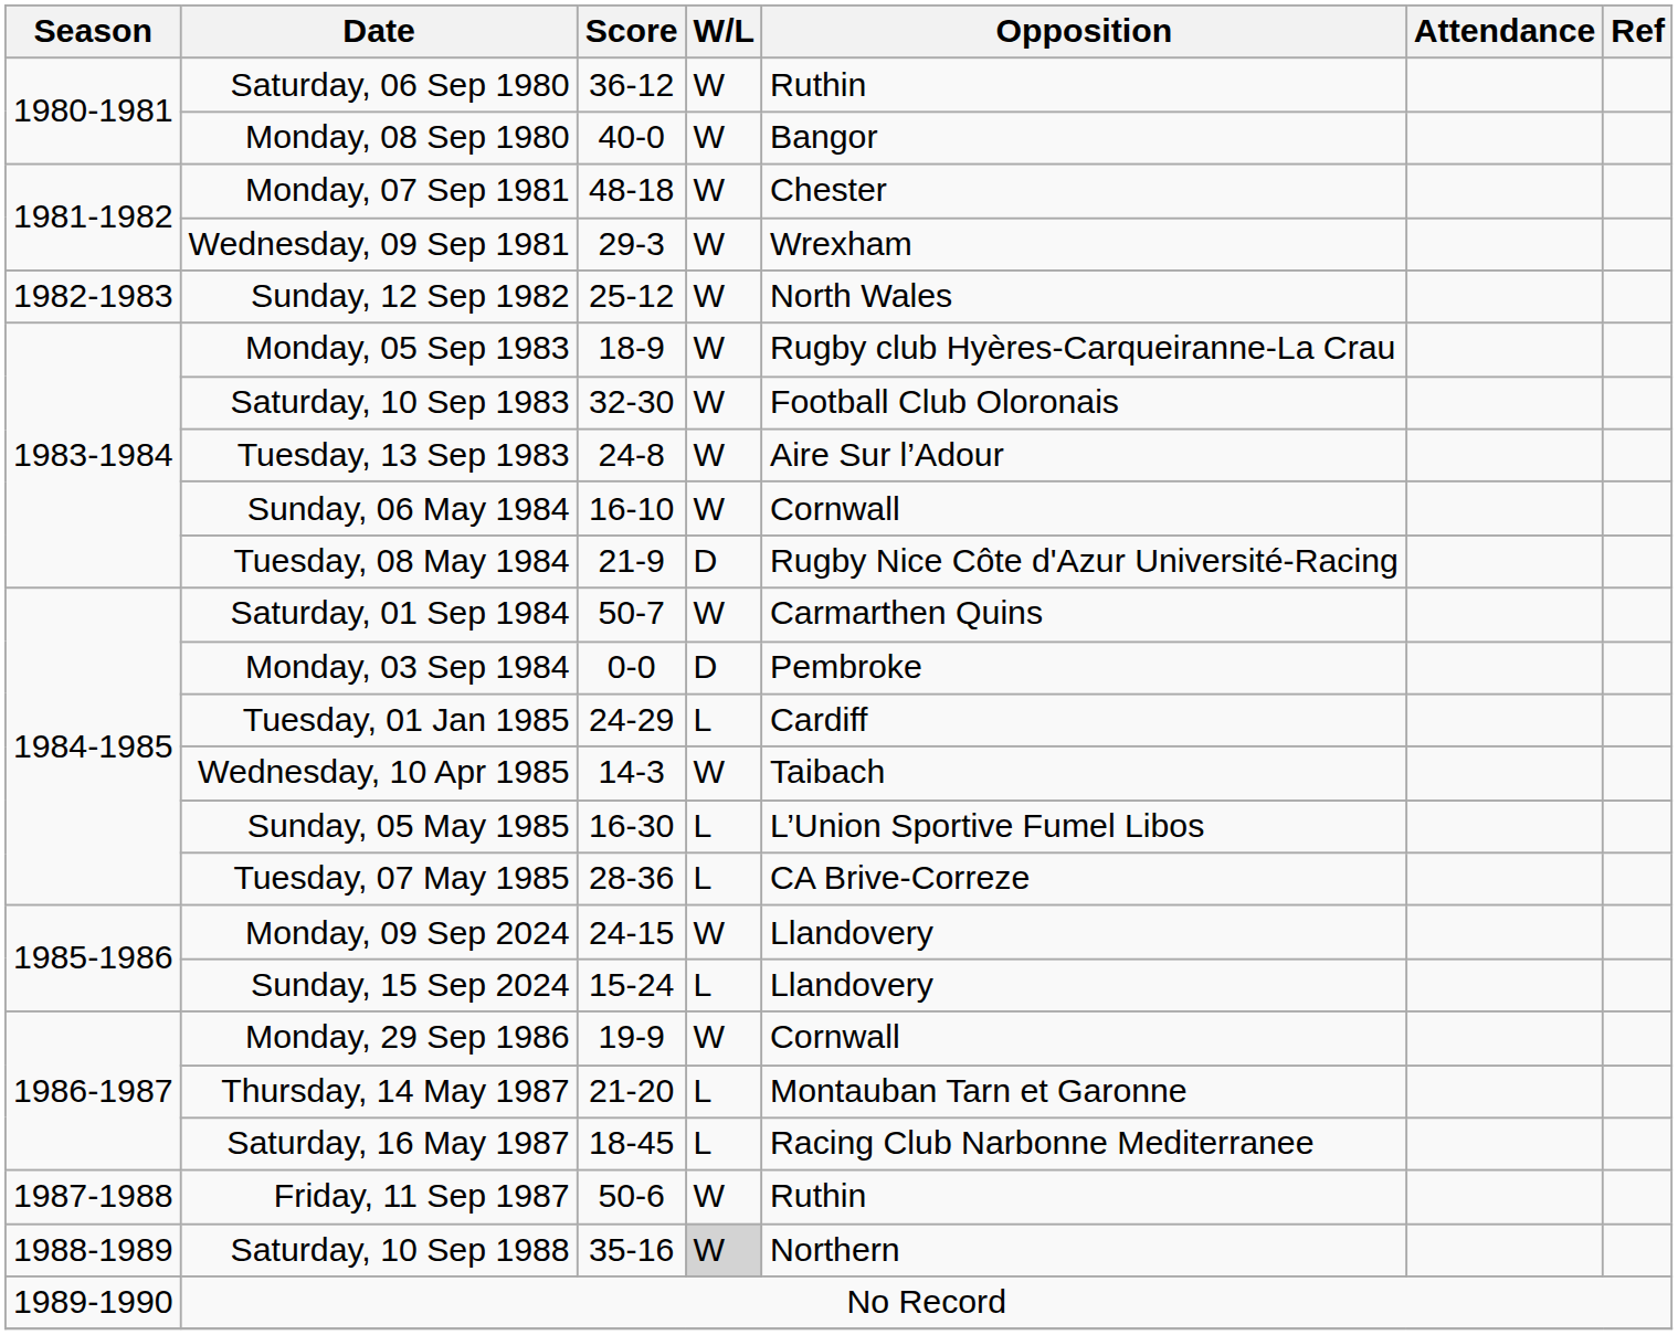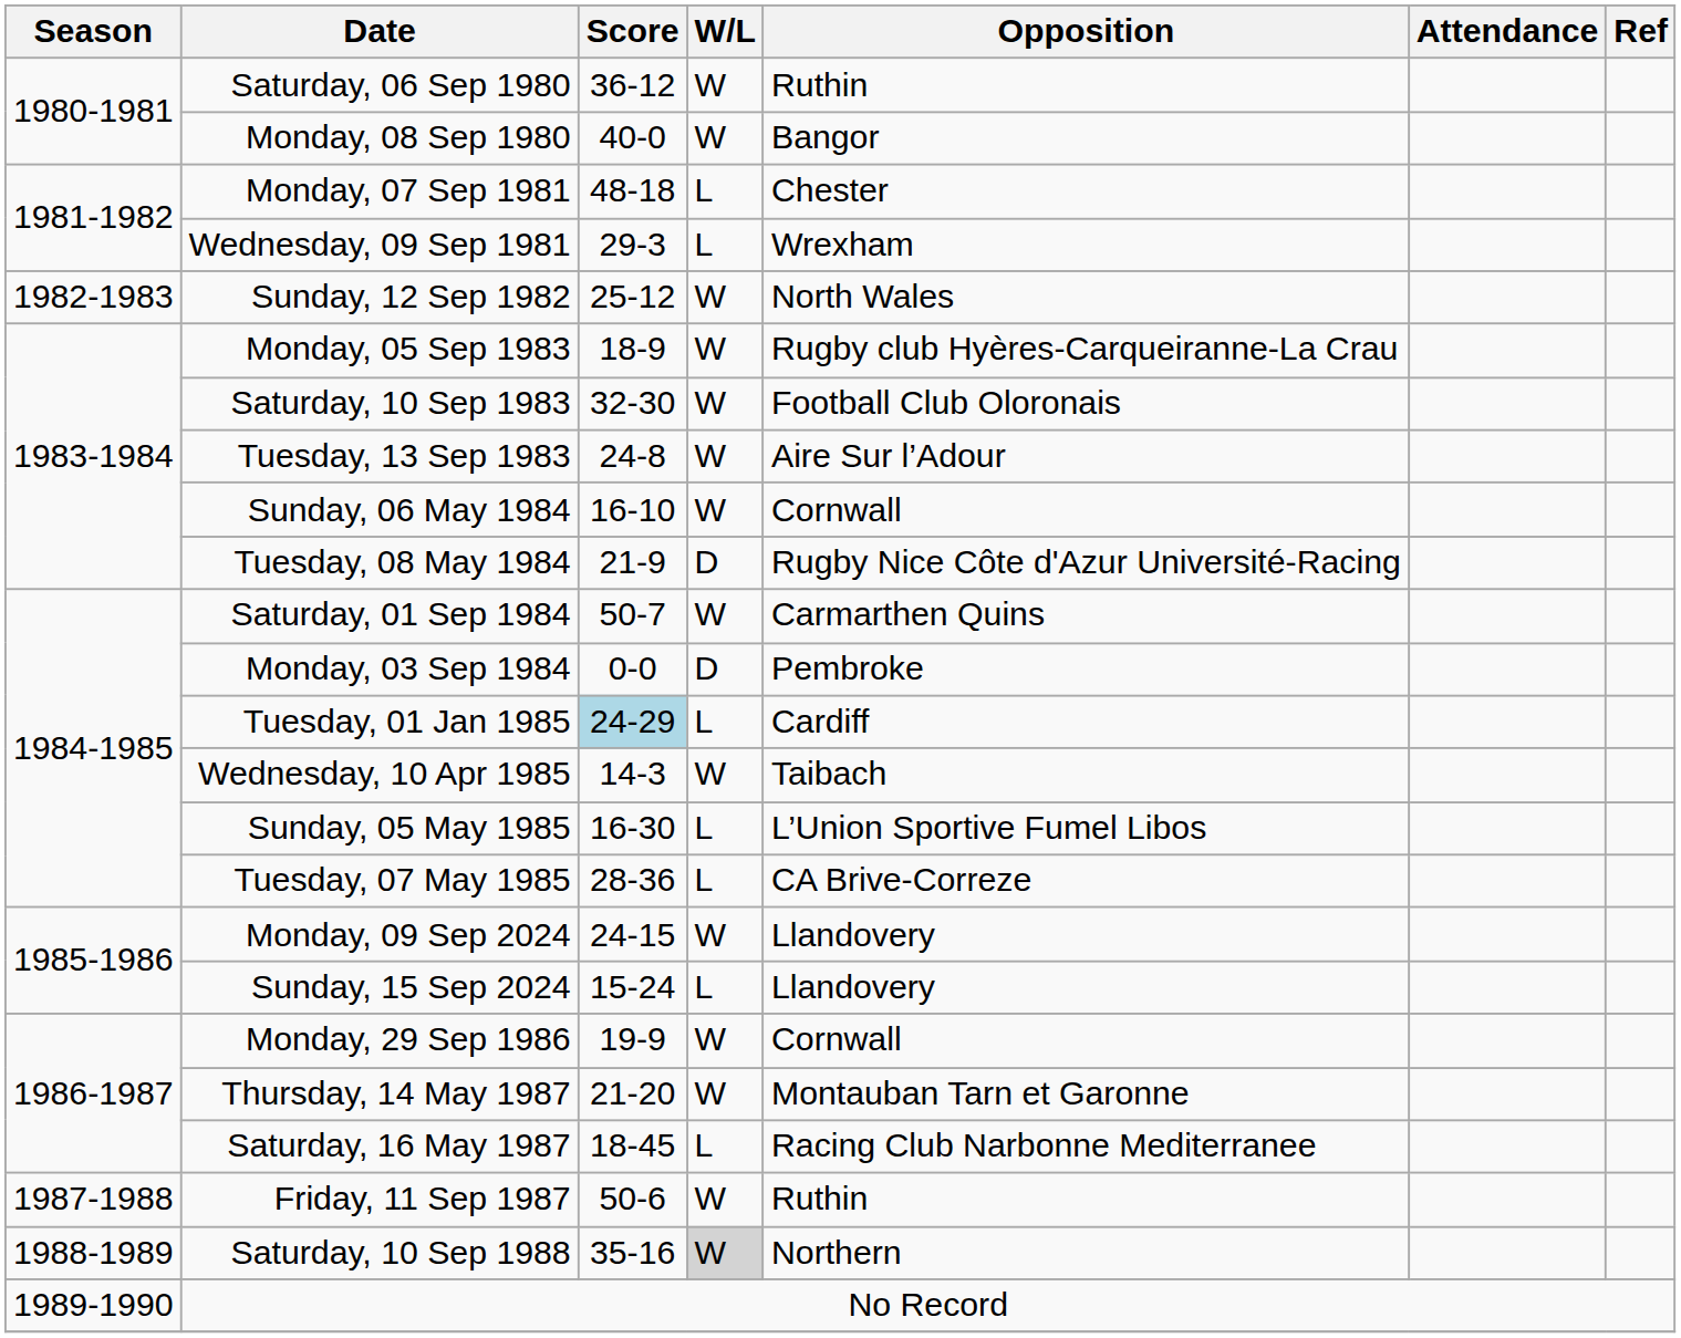 <table class="wikitable">
 <tr>
 <th>Season</th>
 <th>Date</th>
 <th>Score</th>
 <th>W/L</th>
 <th>Opposition</th>
 <th>Attendance</th>
 <th>Ref</th>
 </tr>
 <tr>
 <td rowspan=2>1980-1981</td>
 <td style="text-align:right;">Saturday, 06 Sep 1980</td>
 <td style="text-align:center;">36-12</td>
 <td style="text-align:left;">W</td>
 <td>Ruthin</td>
 <td></td>
 </tr>
 <tr>
 <td style="text-align:right;">Monday, 08 Sep 1980</td>
 <td style="text-align:center;">40-0</td>
 <td style="text-align:left;">W</td>
 <td>Bangor</td>
 <td></td>
 <td></td>
 </tr>
 <tr>
 <td rowspan=2>1981-1982</td>
 <td style="text-align:right;">Monday, 07 Sep 1981</td>
 <td style="text-align:center;">48-18</td>
-<td style="text-align:left;">W</td>
+<td style="text-align:left;">L</td>
 <td>Chester</td>
 <td></td>
 </tr>
 <tr>
 <td style="text-align:right;">Wednesday, 09 Sep 1981</td>
 <td style="text-align:center;">29-3</td>
-<td style="text-align:left;">W</td>
+<td style="text-align:left;">L</td>
 <td>Wrexham</td>
 <td></td>
 <td></td>
 </tr>
 <tr>
 <td>1982-1983</td>
 <td style="text-align:right;">Sunday, 12 Sep 1982</td>
 <td style="text-align:center;">25-12</td>
 <td style="text-align:left;">W</td>
 <td>North Wales</td>
 <td></td>
 <td></td>
 </tr>
 <tr>
 <td rowspan=5>1983-1984</td>
 <td style="text-align:right;">Monday, 05 Sep 1983</td>
 <td style="text-align:center;">18-9</td>
 <td style="text-align:left;">W</td>
 <td>Rugby club Hyères-Carqueiranne-La Crau</td>
 <td></td>
 </tr>
 <tr>
 <td style="text-align:right;">Saturday, 10 Sep 1983</td>
 <td style="text-align:center;">32-30</td>
 <td style="text-align:left;">W</td>
 <td>Football Club Oloronais</td>
 <td></td>
 <td></td>
 </tr>
 <tr>
 <td style="text-align:right;">Tuesday, 13 Sep 1983</td>
 <td style="text-align:center;">24-8</td>
 <td style="text-align:left;">W</td>
 <td>Aire Sur l’Adour</td>
 <td></td>
 <td></td>
 </tr>
 <tr>
 <td style="text-align:right;">Sunday, 06 May 1984</td>
 <td style="text-align:center;">16-10</td>
 <td style="text-align:left;">W</td>
 <td>Cornwall</td>
 <td></td>
 <td></td>
 </tr>
 <tr>
 <td style="text-align:right;">Tuesday, 08 May 1984</td>
 <td style="text-align:center;">21-9</td>
 <td style="text-align:left;">D</td>
 <td>Rugby Nice Côte d'Azur Université-Racing</td>
 <td></td>
 <td></td>
 </tr>
 <tr>
 <td rowspan=6>1984-1985</td>
 <td style="text-align:right;">Saturday, 01 Sep 1984</td>
 <td style="text-align:center;">50-7</td>
 <td style="text-align:left;">W</td>
 <td>Carmarthen Quins</td>
 <td></td>
 </tr>
 <tr>
 <td style="text-align:right;">Monday, 03 Sep 1984</td>
 <td style="text-align:center;">0-0</td>
 <td style="text-align:left;">D</td>
 <td>Pembroke</td>
 <td></td>
 <td></td>
 </tr>
 <tr>
 <td style="text-align:right;">Tuesday, 01 Jan 1985</td>
-<td style="text-align:center;">24-29</td>
+<td style="background: lightblue; text-align:center;">24-29</td>
 <td style="text-align:left;">L</td>
 <td>Cardiff</td>
 <td></td>
 <td></td>
 </tr>
 <tr>
 <td style="text-align:right;">Wednesday, 10 Apr 1985</td>
 <td style="text-align:center;">14-3</td>
 <td style="text-align:left;">W</td>
 <td>Taibach</td>
 <td></td>
 <td></td>
 </tr>
 <tr>
 <td style="text-align:right;">Sunday, 05 May 1985</td>
 <td style="text-align:center;">16-30</td>
 <td style="text-align:left;">L</td>
 <td>L’Union Sportive Fumel Libos</td>
 <td></td>
 <td></td>
 </tr>
 <tr>
 <td style="text-align:right;">Tuesday, 07 May 1985</td>
 <td style="text-align:center;">28-36</td>
 <td style="text-align:left;">L</td>
 <td>CA Brive-Correze</td>
 <td></td>
 <td></td>
 </tr>
 <tr>
 <td rowspan=2>1985-1986</td>
 <td style="text-align:right;">Monday, 09 Sep 2024</td>
 <td style="text-align:center;">24-15</td>
 <td style="text-align:left;">W</td>
 <td>Llandovery</td>
 <td></td>
 </tr>
 <tr>
 <td style="text-align:right;">Sunday, 15 Sep 2024</td>
 <td style="text-align:center;">15-24</td>
 <td style="text-align:left;">L</td>
 <td>Llandovery</td>
 <td></td>
 <td></td>
 </tr>
 <tr>
 <td rowspan=3>1986-1987</td>
 <td style="text-align:right;">Monday, 29 Sep 1986</td>
 <td style="text-align:center;">19-9</td>
 <td style="text-align:left;">W</td>
 <td>Cornwall</td>
 <td></td>
 </tr>
 <tr>
 <td style="text-align:right;">Thursday, 14 May 1987</td>
 <td style="text-align:center;">21-20</td>
-<td style="text-align:left;">L</td>
+<td style="text-align:left;">W</td>
 <td>Montauban Tarn et Garonne</td>
 <td></td>
 <td></td>
 </tr>
 <tr>
 <td style="text-align:right;">Saturday, 16 May 1987</td>
 <td style="text-align:center;">18-45</td>
 <td style="text-align:left;">L</td>
 <td>Racing Club Narbonne Mediterranee</td>
 <td></td>
 <td></td>
 </tr>
 <tr>
 <td>1987-1988</td>
 <td style="text-align:right;">Friday, 11 Sep 1987</td>
 <td style="text-align:center;">50-6</td>
 <td style="text-align:left;">W</td>
 <td>Ruthin</td>
 <td></td>
 </tr>
 <tr>
 <td>1988-1989</td>
 <td style="text-align:right;">Saturday, 10 Sep 1988</td>
 <td style="text-align:center;">35-16</td>
 <td style="background: lightgrey; text-align:left;">W</td>
 <td>Northern</td>
 <td></td>
 <td></td>
 </tr>
 <tr>
 <td>1989-1990</td>
 <td align=center colspan="7">No Record</td>
 </tr>
 <tr>
 </tr>
 </table>
